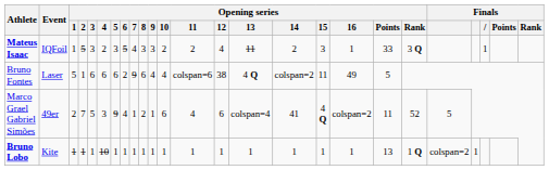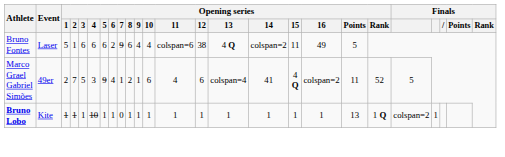 <table class=wikitable style=font-size:90%;text-align:center>
 <tr>
 <th rowspan=2>Athlete</th>
 <th rowspan=2>Event</th>
 <th colspan=18>Opening series</th>
 <th colspan=5>Finals</th>
 </tr>
 <tr style=font-size:95%>
 <th>1</th>
 <th>2</th>
 <th>3</th>
 <th>4</th>
 <th>5</th>
 <th>6</th>
 <th>7</th>
 <th>8</th>
 <th>9</th>
 <th>10</th>
 <th>11</th>
 <th>12</th>
 <th>13</th>
 <th>14</th>
 <th>15</th>
 <th>16</th>
 <th>Points</th>
 <th>Rank</th>
 <th></th>
 <th></th>
 <th> / </th>
 <th>Points</th>
 <th>Rank</th>
-</tr>
-<tr>
-<td align=left><strong><a href='#'>Mateus Isaac</a></strong></td>
-<td align=left><a href='#'>IQFoil</a></td>
-<td>1</td>
-<td><s>5</s></td>
-<td>3</td>
-<td>2</td>
-<td>3</td>
-<td><s>5</s></td>
-<td>4</td>
-<td>3</td>
-<td>3</td>
-<td>2</td>
-<td>2</td>
-<td>4</td>
-<td><s>11<br></s></td>
-<td>2</td>
-<td>3</td>
-<td>1</td>
-<td>33</td>
-<td>3 <strong>Q</strong></td>
-<td></td>
-<td></td>
-<td>1</td>
-<td></td>
-<td></td>
 </tr>
 <tr>
 <td align="left"><a href='#'>Bruno Fontes</a></td>
 <td align="left"><a href='#'>Laser</a></td>
 <td>5</td>
 <td>1</td>
 <td>6</td>
 <td>6</td>
 <td>6</td>
 <td>2</td>
 <td><s>9</s></td>
 <td>6</td>
 <td>4</td>
 <td>4</td>
 <td>colspan=6 </td>
 <td>38</td>
 <td>4 <strong>Q</strong></td>
 <td>colspan=2 </td>
 <td>11<br></td>
 <td>49</td>
 <td>5</td>
 </tr>
 <tr>
 <td align=left><a href='#'>Marco Grael</a><br><a href='#'>Gabriel Simões</a></td>
 <td align=left><a href='#'>49er</a></td>
 <td>2</td>
 <td>7</td>
 <td>5</td>
 <td>3</td>
 <td><s>9<br></s></td>
 <td>4</td>
 <td>1</td>
 <td>2</td>
 <td>1</td>
 <td>6</td>
 <td>4</td>
 <td>6</td>
 <td>colspan=4 </td>
 <td>41</td>
 <td>4 <strong>Q</strong></td>
 <td>colspan=2 </td>
 <td>11<br></td>
 <td>52</td>
 <td>5</td>
 </tr>
 <tr>
 <td align=left><strong><a href='#'>Bruno Lobo</a></strong></td>
 <td align=left><a href='#'>Kite</a></td>
 <td><s>1</s></td>
 <td><s>1</s></td>
 <td>1</td>
 <td><s>10<br></s></td>
 <td>1</td>
 <td>1</td>
-<td>1</td>
+<td>0</td>
 <td>1</td>
 <td>1</td>
 <td>1</td>
 <td>1</td>
 <td>1</td>
 <td>1</td>
 <td>1</td>
 <td>1</td>
 <td>1</td>
 <td>13</td>
 <td>1 <strong>Q</strong></td>
 <td>colspan=2 </td>
 <td>1</td>
 <td></td>
 <td></td>
 </tr>
 </table>
